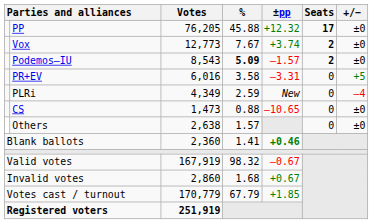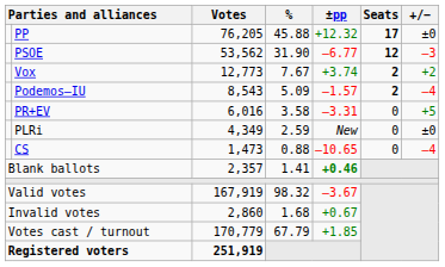 <table class="wikitable" style="text-align:right;">
 <tr>
 <th style="text-align:left;" colspan="2" width="200">Parties and alliances</th>
 <th width="75">Votes</th>
 <th width="45">%</th>
 <th width="45">±<a href='#'>pp</a></th>
 <th width="35">Seats</th>
 <th width="35">+/−</th>
 </tr>
 <tr>
 <td width="1" style="color:inherit;background:"></td>
 <td align="left"><a href='#'>PP</a></td>
 <td>76,205</td>
 <td>45.88</td>
 <td style="color:green;">+12.32</td>
 <td><strong>17</strong></td>
 <td>±0</td>
 </tr>
 <tr>
 <td style="color:inherit;background:"></td>
+<td align="left"><a href='#'>PSOE</a></td>
+<td>53,562</td>
+<td>31.90</td>
+<td style="color:red;">–6.77</td>
+<td><strong>12</strong></td>
+<td style="color:red;">–3</td>
+</tr>
+<tr>
+<td style="color:inherit;background:"></td>
 <td align="left"><a href='#'>Vox</a></td>
 <td>12,773</td>
 <td>7.67</td>
 <td style="color:green;">+3.74</td>
 <td><strong>2</strong></td>
-<td>±0</td>
+<td style="color:green;">+2</td>
 </tr>
 <tr>
 <td style="color:inherit;background:"></td>
 <td align="left"><a href='#'>Podemos–IU</a></td>
 <td>8,543</td>
-<td><strong>5.09</strong></td>
+<td>5.09</td>
 <td style="color:red;">–1.57</td>
 <td><strong>2</strong></td>
-<td>±0</td>
+<td style="color:red;">–4</td>
 </tr>
 <tr>
 <td style="color:inherit;background:"></td>
 <td align="left"><a href='#'>PR+</a><a href='#'>EV</a></td>
 <td>6,016</td>
 <td>3.58</td>
 <td style="color:red;">–3.31</td>
 <td>0</td>
 <td style="color:green;">+5</td>
 </tr>
 <tr>
 <td style="color:inherit;background:"></td>
 <td align="left">PLRi</td>
 <td>4,349</td>
 <td>2.59</td>
 <td><em>New</em></td>
 <td>0</td>
-<td style="color:red;">–4</td>
+<td>±0</td>
 </tr>
 <tr>
 <td style="color:inherit;background:"></td>
 <td align="left"><a href='#'>CS</a></td>
 <td>1,473</td>
 <td>0.88</td>
 <td style="color:red;">–10.65</td>
 <td>0</td>
-<td>±0</td>
-</tr>
-<tr>
-<td bgcolor="white"></td>
-<td align="left">Others</td>
-<td>2,638</td>
-<td>1.57</td>
-<td bgcolor="#E9E9E9"></td>
-<td>0</td>
-<td>±0</td>
+<td style="color:red;">–4</td>
 </tr>
 <tr>
 <td align="left" colspan="2">Blank ballots</td>
-<td>2,360</td>
+<td>2,357</td>
 <td>1.41</td>
 <td style="color:green;"><strong>+0.46</strong></td>
 <td bgcolor="#E9E9E9" colspan="2"></td>
 </tr>
 <tr>
 <td colspan="7" bgcolor="#E9E9E9"></td>
 </tr>
 <tr>
 <td align="left" colspan="2">Valid votes</td>
 <td>167,919</td>
 <td>98.32</td>
-<td style="color:red;">–0.67</td>
+<td style="color:red;">–3.67</td>
 <td bgcolor="#E9E9E9" colspan="2" rowspan="4"></td>
 </tr>
 <tr>
 <td align="left" colspan="2">Invalid votes</td>
 <td>2,860</td>
 <td>1.68</td>
 <td style="color:green;">+0.67</td>
 </tr>
 <tr>
 <td align="left" colspan="2">Votes cast / turnout</td>
 <td>170,779</td>
 <td>67.79</td>
 <td style="color:green;">+1.85</td>
 </tr>
 <tr style="font-weight:bold;">
 <td align="left" colspan="2">Registered voters</td>
 <td>251,919</td>
 <td bgcolor="#E9E9E9" colspan="2"></td>
 </tr>
 </table>
